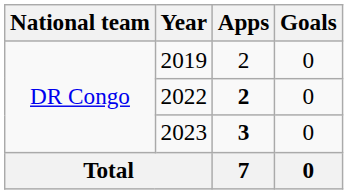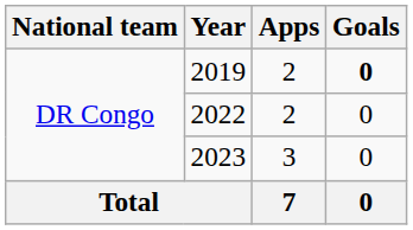 <table class=wikitable style=text-align:center>
 <tr>
 <th>National team</th>
 <th>Year</th>
 <th>Apps</th>
 <th>Goals</th>
 </tr>
 <tr>
 <td rowspan="3"><a href='#'>DR Congo</a></td>
 <td>2019</td>
 <td>2</td>
-<td>0</td>
+<td><strong>0</strong></td>
 </tr>
 <tr>
 <td>2022</td>
-<td><strong>2</strong></td>
+<td>2</td>
 <td>0</td>
 </tr>
 <tr>
 <td>2023</td>
-<td><strong>3</strong></td>
+<td>3</td>
 <td>0</td>
 </tr>
 <tr>
 <th colspan="2">Total</th>
 <th>7</th>
 <th>0</th>
 </tr>
 </table>
